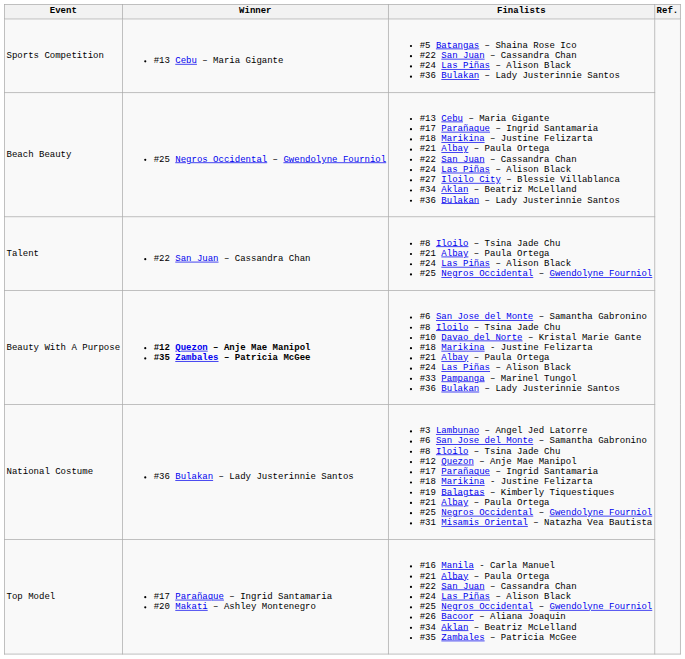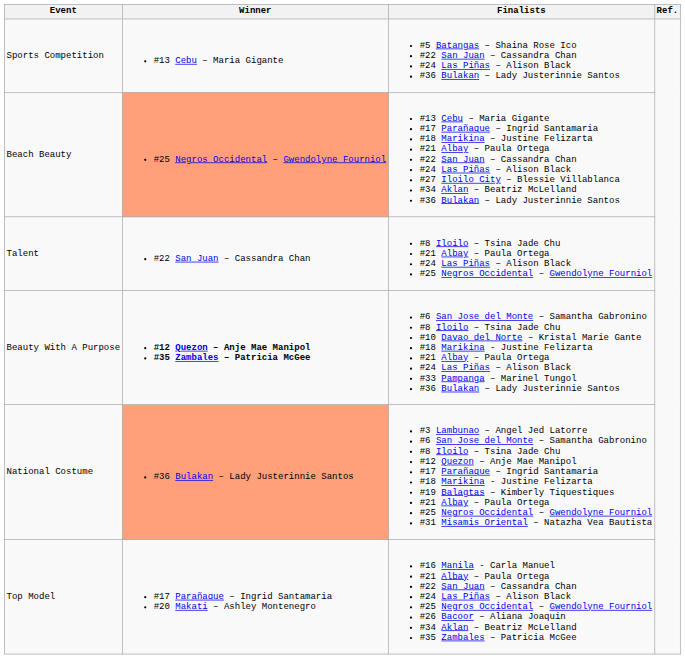 <table class="wikitable sortable" style="font-size:95%;">
 <tr>
 <th>Event</th>
 <th>Winner</th>
 <th>Finalists</th>
 <th>Ref.</th>
 </tr>
 <tr #13 >
 <td>Sports Competition</td>
 <td><br><ul><li>#13 <a href='#'>Cebu</a> – Maria Gigante</li></ul></td>
 <td><br><ul><li>#5 <a href='#'>Batangas</a> – Shaina Rose Ico</li><li>#22 <a href='#'>San Juan</a> – Cassandra Chan</li><li>#24 <a href='#'>Las Piñas</a> – Alison Black</li><li>#36 <a href='#'>Bulakan</a> – Lady Justerinnie Santos</li></ul></td>
 <td rowspan="6"><br><br></td>
 </tr>
 <tr>
 <td>Beach Beauty</td>
-<td><br><ul><li>#25 <a href='#'>Negros Occidental</a> – <a href='#'>Gwendolyne Fourniol</a></li></ul></td>
+<td style="background: lightsalmon;"><br><ul><li>#25 <a href='#'>Negros Occidental</a> – <a href='#'>Gwendolyne Fourniol</a></li></ul></td>
 <td><br><ul><li>#13 <a href='#'>Cebu</a> – Maria Gigante</li><li>#17 <a href='#'>Parañaque</a> – Ingrid Santamaria</li><li>#18 <a href='#'>Marikina</a> – Justine Felizarta</li><li>#21 <a href='#'>Albay</a> – Paula Ortega</li><li>#22 <a href='#'>San Juan</a> – Cassandra Chan</li><li>#24 <a href='#'>Las Piñas</a> – Alison Black</li><li>#27 <a href='#'>Iloilo City</a> – Blessie Villablanca</li><li>#34 <a href='#'>Aklan</a> – Beatriz McLelland</li><li>#36 <a href='#'>Bulakan</a> – Lady Justerinnie Santos</li></ul></td>
 </tr>
 <tr>
 <td>Talent</td>
 <td><br><ul><li>#22 <a href='#'>San Juan</a> – Cassandra Chan</li></ul></td>
 <td><br><ul><li>#8 <a href='#'>Iloilo</a> – Tsina Jade Chu</li><li>#21 <a href='#'>Albay</a> – Paula Ortega</li><li>#24 <a href='#'>Las Piñas</a> – Alison Black</li><li>#25 <a href='#'>Negros Occidental</a> – <a href='#'>Gwendolyne Fourniol</a></li></ul></td>
 </tr>
 <tr>
 <td>Beauty With A Purpose</td>
 <td><strong><br><ul><li>#12 <a href='#'>Quezon</a> – Anje Mae Manipol</li><li>#35 <a href='#'>Zambales</a> – Patricia McGee</li></ul></strong></td>
 <td><br><ul><li>#6 <a href='#'>San Jose del Monte</a> – Samantha Gabronino</li><li>#8 <a href='#'>Iloilo</a> – Tsina Jade Chu</li><li>#10 <a href='#'>Davao del Norte</a> – Kristal Marie Gante</li><li>#18 <a href='#'>Marikina</a> - Justine Felizarta</li><li>#21 <a href='#'>Albay</a> – Paula Ortega</li><li>#24 <a href='#'>Las Piñas</a> – Alison Black</li><li>#33 <a href='#'>Pampanga</a> – Marinel Tungol</li><li>#36 <a href='#'>Bulakan</a> – Lady Justerinnie Santos</li></ul></td>
 </tr>
 <tr>
 <td>National Costume</td>
-<td><br><ul><li>#36 <a href='#'>Bulakan</a> – Lady Justerinnie Santos</li></ul></td>
+<td style="background: lightsalmon;"><br><ul><li>#36 <a href='#'>Bulakan</a> – Lady Justerinnie Santos</li></ul></td>
 <td><br><ul><li>#3 <a href='#'>Lambunao</a> – Angel Jed Latorre</li><li>#6 <a href='#'>San Jose del Monte</a> – Samantha Gabronino</li><li>#8 <a href='#'>Iloilo</a> – Tsina Jade Chu</li><li>#12 <a href='#'>Quezon</a> – Anje Mae Manipol</li><li>#17 <a href='#'>Parañaque</a> – Ingrid Santamaria</li><li>#18 <a href='#'>Marikina</a> - Justine Felizarta</li><li>#19 <a href='#'>Balagtas</a> – Kimberly Tiquestiques</li><li>#21 <a href='#'>Albay</a> – Paula Ortega</li><li>#25 <a href='#'>Negros Occidental</a> – <a href='#'>Gwendolyne Fourniol</a></li><li>#31 <a href='#'>Misamis Oriental</a> – Natazha Vea Bautista</li></ul></td>
 </tr>
 <tr>
 <td>Top Model</td>
 <td><br><ul><li>#17 <a href='#'>Parañaque</a> – Ingrid Santamaria</li><li>#20 <a href='#'>Makati</a> – Ashley Montenegro</li></ul></td>
 <td><br><ul><li>#16 <a href='#'>Manila</a> - Carla Manuel</li><li>#21 <a href='#'>Albay</a> – Paula Ortega</li><li>#22 <a href='#'>San Juan</a> – Cassandra Chan</li><li>#24 <a href='#'>Las Piñas</a> – Alison Black</li><li>#25 <a href='#'>Negros Occidental</a> – <a href='#'>Gwendolyne Fourniol</a></li><li>#26 <a href='#'>Bacoor</a> – Aliana Joaquin</li><li>#34 <a href='#'>Aklan</a> – Beatriz McLelland</li><li>#35 <a href='#'>Zambales</a> – Patricia McGee</li></ul></td>
 </tr>
 </table>
